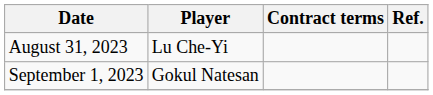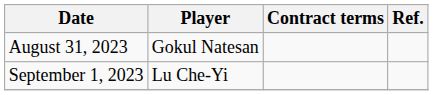 <table class="wikitable">
 <tr>
 <th>Date</th>
 <th>Player</th>
 <th>Contract terms</th>
 <th>Ref.</th>
 </tr>
 <tr>
 <td>August 31, 2023</td>
-<td>Lu Che-Yi</td>
+<td>Gokul Natesan</td>
 <td></td>
 <td></td>
 </tr>
 <tr>
 <td>September 1, 2023</td>
-<td>Gokul Natesan</td>
+<td>Lu Che-Yi</td>
 <td></td>
 <td></td>
 </tr>
 <tr>
 </tr>
 </table>
